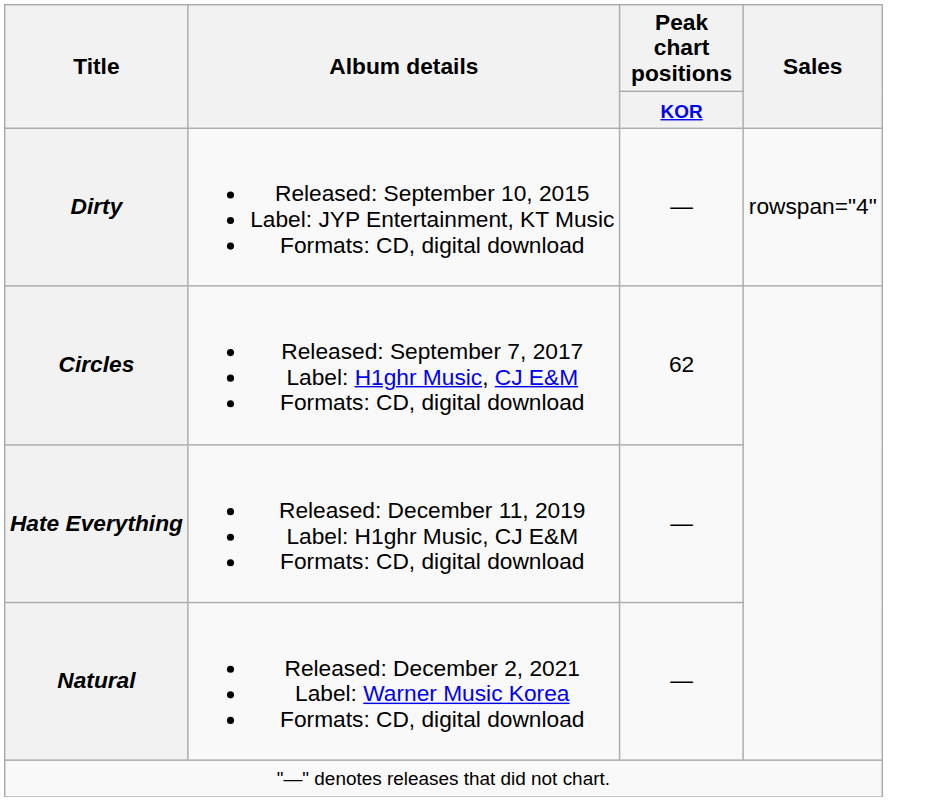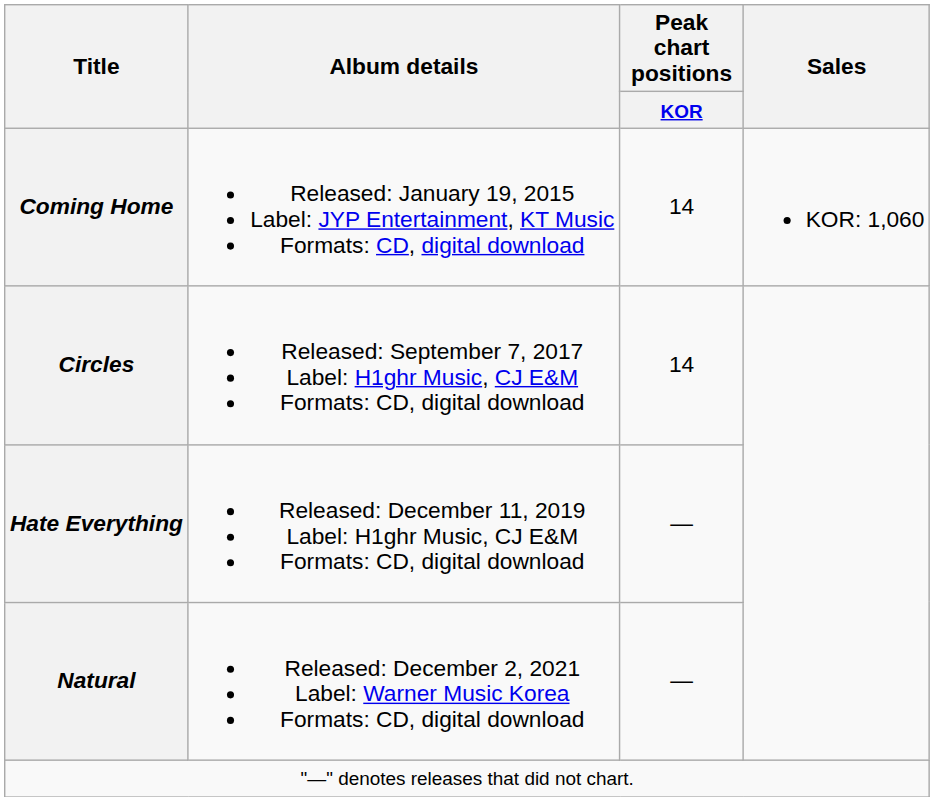 <table class="wikitable plainrowheaders" style="text-align:center;">
 <tr>
 <th scope="col" rowspan="2">Title</th>
 <th scope="col" rowspan="2">Album details</th>
 <th scope="col" colspan="1" style="width:5em;">Peak chart positions</th>
 <th scope="col" rowspan="2">Sales</th>
 </tr>
 <tr>
 <th><small><a href='#'>KOR</a></small><br></th>
 </tr>
 <tr>
-<th scope="row"><em>Dirty</em></th>
-<td><br><ul><li>Released: September 10, 2015</li><li>Label: JYP Entertainment, KT Music</li><li>Formats: CD, digital download</li></ul></td>
-<td>—</td>
-<td>rowspan="4" </td>
+<th scope="row"><em>Coming Home</em></th>
+<td><br><ul><li>Released: January 19, 2015</li><li>Label: <a href='#'>JYP Entertainment</a>, <a href='#'>KT Music</a></li><li>Formats: <a href='#'>CD</a>, <a href='#'>digital download</a></li></ul></td>
+<td>14</td>
+<td><br><ul><li>KOR: 1,060</li></ul></td>
 </tr>
 <tr>
 <th scope="row"><em>Circles</em></th>
 <td><br><ul><li>Released: September 7, 2017</li><li>Label: <a href='#'>H1ghr Music</a>, <a href='#'>CJ E&M</a></li><li>Formats: CD, digital download</li></ul></td>
-<td>62</td>
+<td>14</td>
 </tr>
 <tr>
 <th scope="row"><em>Hate Everything</em></th>
 <td><br><ul><li>Released: December 11, 2019</li><li>Label: H1ghr Music, CJ E&M</li><li>Formats: CD, digital download</li></ul></td>
 <td>—</td>
 </tr>
 <tr>
 <th scope="row"><em>Natural</em></th>
 <td><br><ul><li>Released: December 2, 2021</li><li>Label: <a href='#'>Warner Music Korea</a></li><li>Formats: CD, digital download</li></ul></td>
 <td>—</td>
 </tr>
 <tr>
 <td colspan="4" align="center"><small>"—" denotes releases that did not chart.</small></td>
 </tr>
 </table>
